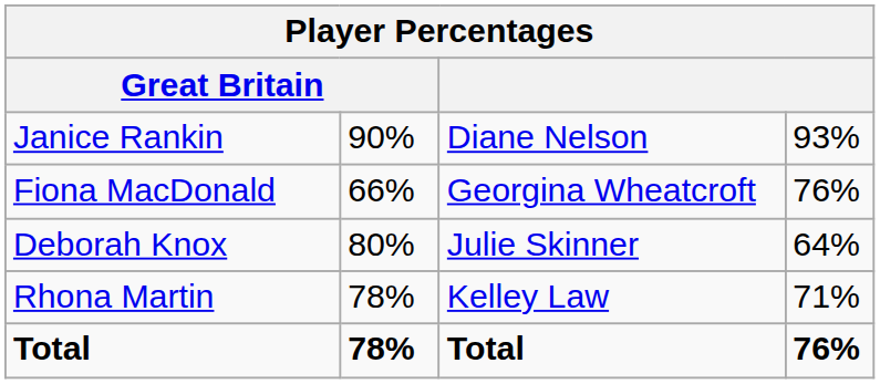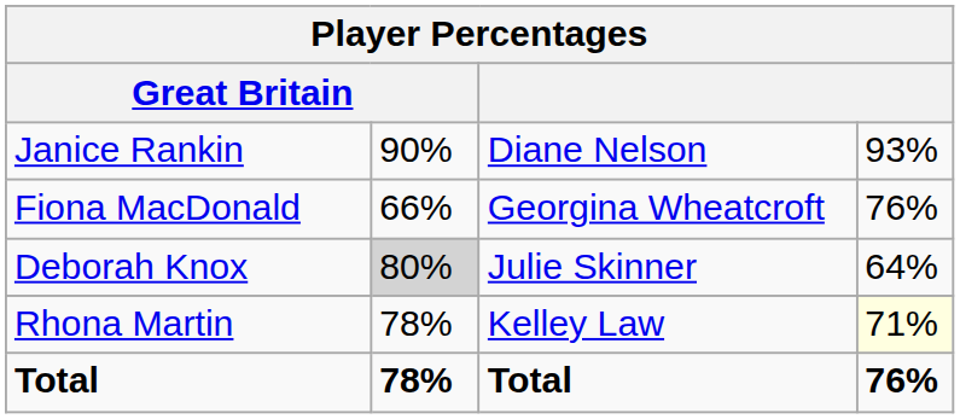 <table class="wikitable">
 <tr>
 <th colspan=4 width=400>Player Percentages</th>
 </tr>
 <tr>
 <th colspan=2 width=200> <a href='#'>Great Britain</a></th>
 <th colspan=2 width=200></th>
 </tr>
 <tr>
 <td><a href='#'>Janice Rankin</a></td>
 <td>90%</td>
 <td><a href='#'>Diane Nelson</a></td>
 <td>93%</td>
 </tr>
 <tr>
 <td><a href='#'>Fiona MacDonald</a></td>
 <td>66%</td>
 <td><a href='#'>Georgina Wheatcroft</a></td>
 <td>76%</td>
 </tr>
 <tr>
 <td><a href='#'>Deborah Knox</a></td>
-<td>80%</td>
+<td style="background: lightgrey;">80%</td>
 <td><a href='#'>Julie Skinner</a></td>
 <td>64%</td>
 </tr>
 <tr>
 <td><a href='#'>Rhona Martin</a></td>
 <td>78%</td>
 <td><a href='#'>Kelley Law</a></td>
-<td>71%</td>
+<td style="background: lightyellow;">71%</td>
 </tr>
 <tr>
 <td><strong>Total</strong></td>
 <td><strong>78%</strong></td>
 <td><strong>Total</strong></td>
 <td><strong>76%</strong></td>
 </tr>
 </table>
